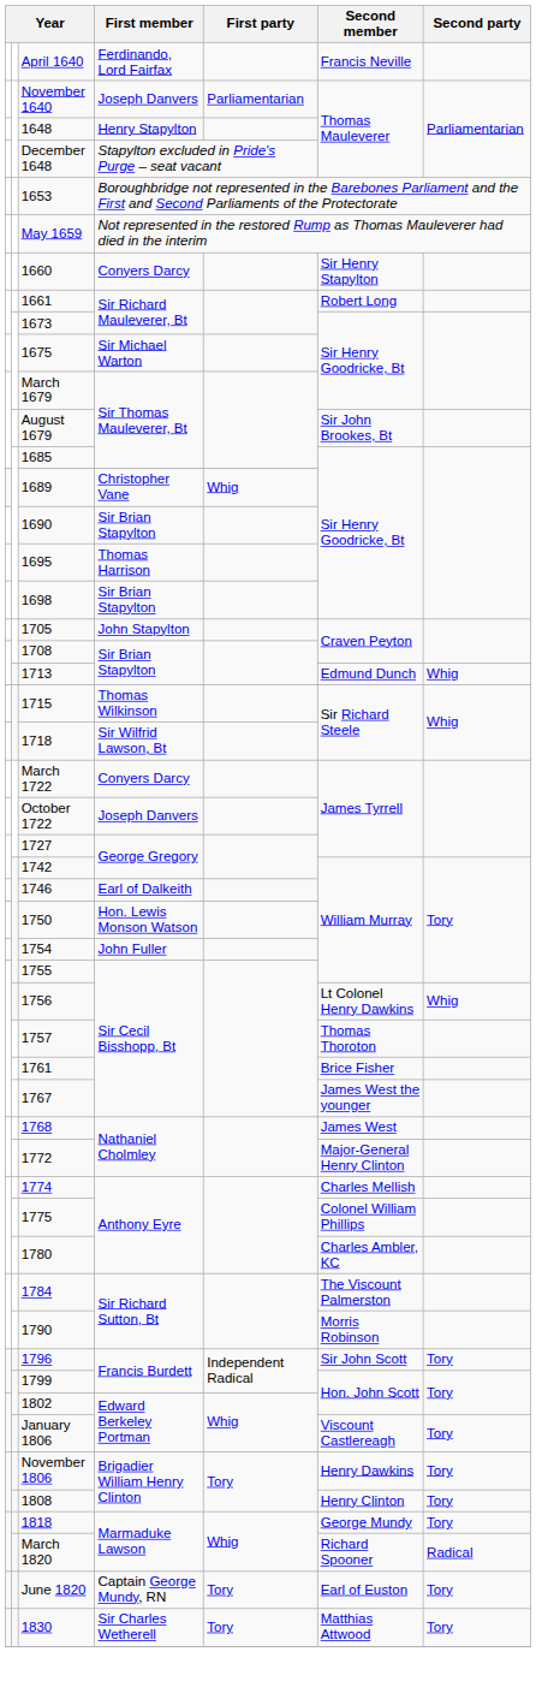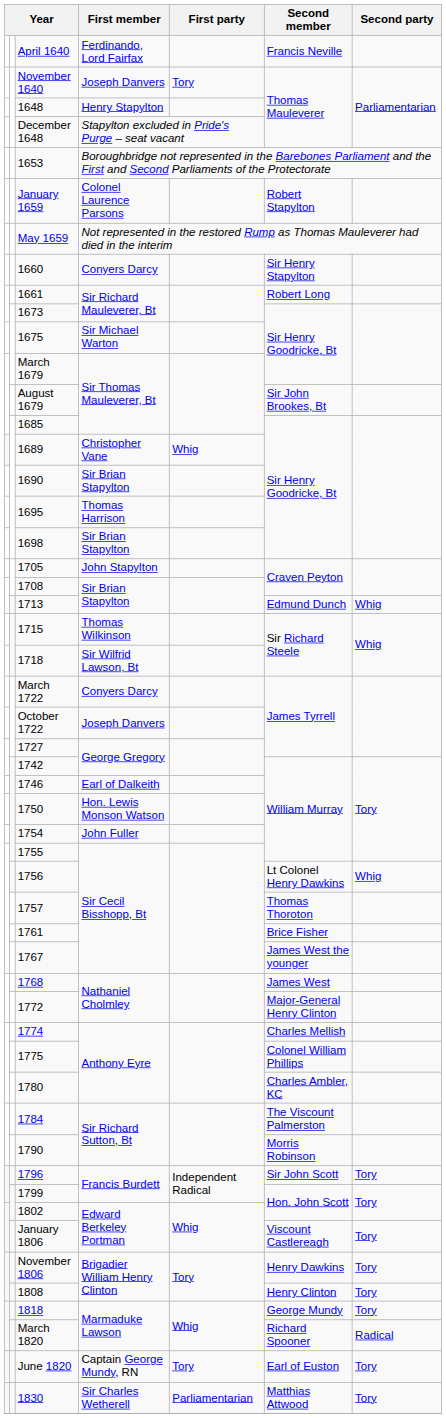 <table class="wikitable">
 <tr>
 <th colspan="3">Year</th>
 <th>First member</th>
 <th>First party</th>
 <th>Second member</th>
 <th>Second party</th>
 </tr>
 <tr>
 <td style="color:inherit;background-color: white"></td>
 <td style="color:inherit;background-color: white"></td>
 <td><a href='#'>April 1640</a></td>
 <td><a href='#'>Ferdinando, Lord Fairfax</a></td>
 <td></td>
 <td><a href='#'>Francis Neville</a></td>
 <td></td>
 </tr>
 <tr>
 <td style="color:inherit;background-color: white"></td>
 <td rowspan="3" style="color:inherit;background-color: white"></td>
 <td><a href='#'>November 1640</a></td>
 <td><a href='#'>Joseph Danvers</a></td>
-<td><a href='#'>Parliamentarian</a></td>
+<td><a href='#'>Tory</a></td>
 <td rowspan="3"><a href='#'>Thomas Mauleverer</a></td>
 <td rowspan="3"><a href='#'>Parliamentarian</a></td>
 </tr>
 <tr>
 <td style="color:inherit;background-color: white"></td>
 <td>1648</td>
 <td><a href='#'>Henry Stapylton</a></td>
 <td></td>
 </tr>
 <tr>
 <td style="color:inherit;background-color: white"></td>
 <td>December 1648</td>
 <td colspan="2"><em>Stapylton excluded in <a href='#'>Pride's Purge</a> – seat vacant</em></td>
 </tr>
 <tr>
 <td style="color:inherit;background-color: white"></td>
 <td style="color:inherit;background-color: white"></td>
 <td>1653</td>
 <td colspan="4"><em>Boroughbridge not represented in the <a href='#'>Barebones Parliament</a> and the <a href='#'>First</a> and <a href='#'>Second</a> Parliaments of the Protectorate</em></td>
+</tr>
+<tr>
+<td style="color:inherit;background-color: white"></td>
+<td style="color:inherit;background-color: white"></td>
+<td><a href='#'>January 1659</a></td>
+<td><a href='#'>Colonel Laurence Parsons</a></td>
+<td></td>
+<td><a href='#'>Robert Stapylton</a></td>
+<td></td>
 </tr>
 <tr>
 <td style="color:inherit;background-color: white"></td>
 <td style="color:inherit;background-color: white"></td>
 <td><a href='#'>May 1659</a></td>
 <td colspan="4"><em>Not represented in the restored <a href='#'>Rump</a> as Thomas Mauleverer had died in the interim</em></td>
 </tr>
 <tr>
 <td style="color:inherit;background-color: white"></td>
 <td style="color:inherit;background-color: white"></td>
 <td>1660</td>
 <td><a href='#'>Conyers Darcy</a></td>
 <td></td>
 <td><a href='#'>Sir Henry Stapylton</a></td>
 <td></td>
 </tr>
 <tr>
 <td rowspan="2" style="color:inherit;background-color: white"></td>
 <td style="color:inherit;background-color: white"></td>
 <td>1661</td>
 <td rowspan="2"><a href='#'>Sir Richard Mauleverer, Bt</a></td>
 <td rowspan="2"></td>
 <td><a href='#'>Robert Long</a></td>
 <td></td>
 </tr>
 <tr>
 <td rowspan="3" style="color:inherit;background-color: white"></td>
 <td>1673</td>
 <td rowspan="3"><a href='#'>Sir Henry Goodricke, Bt</a></td>
 <td rowspan="3"></td>
 </tr>
 <tr>
 <td style="color:inherit;background-color: white"></td>
 <td>1675</td>
 <td><a href='#'>Sir Michael Warton</a></td>
 <td></td>
 </tr>
 <tr>
 <td rowspan="3" style="color:inherit;background-color: white"></td>
 <td>March 1679</td>
 <td rowspan="3"><a href='#'>Sir Thomas Mauleverer, Bt</a></td>
 <td rowspan="3"></td>
 </tr>
 <tr>
 <td style="color:inherit;background-color: white"></td>
 <td>August 1679</td>
 <td><a href='#'>Sir John Brookes, Bt</a></td>
 <td></td>
 </tr>
 <tr>
 <td rowspan="5" style="color:inherit;background-color: white"></td>
 <td>1685</td>
 <td rowspan="5"><a href='#'>Sir Henry Goodricke, Bt</a></td>
 <td rowspan="5"></td>
 </tr>
 <tr>
 <td style="color:inherit;background-color: "></td>
 <td>1689</td>
 <td><a href='#'>Christopher Vane</a></td>
 <td><a href='#'>Whig</a></td>
 </tr>
 <tr>
 <td style="color:inherit;background-color: white"></td>
 <td>1690</td>
 <td><a href='#'>Sir Brian Stapylton</a></td>
 <td></td>
 </tr>
 <tr>
 <td style="color:inherit;background-color: white"></td>
 <td>1695</td>
 <td><a href='#'>Thomas Harrison</a></td>
 <td></td>
 </tr>
 <tr>
 <td style="color:inherit;background-color: white"></td>
 <td>1698</td>
 <td><a href='#'>Sir Brian Stapylton</a></td>
 <td></td>
 </tr>
 <tr>
 <td style="color:inherit;background-color: white"></td>
 <td rowspan="2" style="color:inherit;background-color: white"></td>
 <td>1705</td>
 <td><a href='#'>John Stapylton</a></td>
 <td></td>
 <td rowspan="2"><a href='#'>Craven Peyton</a></td>
 <td rowspan="2"></td>
 </tr>
 <tr>
 <td rowspan="2" style="color:inherit;background-color: white"></td>
 <td>1708</td>
 <td rowspan="2"><a href='#'>Sir Brian Stapylton</a></td>
 <td rowspan="2"></td>
 </tr>
 <tr>
 <td style="color:inherit;background-color: "></td>
 <td>1713</td>
 <td><a href='#'>Edmund Dunch</a></td>
 <td><a href='#'>Whig</a></td>
 </tr>
 <tr>
 <td style="color:inherit;background-color: white"></td>
 <td rowspan="2" style="color:inherit;background-color: "></td>
 <td>1715</td>
 <td><a href='#'>Thomas Wilkinson</a></td>
 <td></td>
 <td rowspan="2">Sir <a href='#'>Richard Steele</a></td>
 <td rowspan="2"><a href='#'>Whig</a></td>
 </tr>
 <tr>
 <td style="color:inherit;background-color: white"></td>
 <td>1718</td>
 <td><a href='#'>Sir Wilfrid Lawson, Bt</a></td>
 <td></td>
 </tr>
 <tr>
 <td style="color:inherit;background-color: white"></td>
 <td rowspan="3" style="color:inherit;background-color: white"></td>
 <td>March 1722</td>
 <td><a href='#'>Conyers Darcy</a></td>
 <td></td>
 <td rowspan="3"><a href='#'>James Tyrrell</a></td>
 <td rowspan="3"></td>
 </tr>
 <tr>
 <td style="color:inherit;background-color: white"></td>
 <td>October 1722</td>
 <td><a href='#'>Joseph Danvers</a></td>
 <td></td>
 </tr>
 <tr>
 <td rowspan="2" style="color:inherit;background-color: white"></td>
 <td>1727</td>
 <td rowspan="2"><a href='#'>George Gregory</a></td>
 <td rowspan="2"></td>
 </tr>
 <tr>
 <td rowspan="5" style="color:inherit;background-color: "></td>
 <td>1742</td>
 <td rowspan="5"><a href='#'>William Murray</a></td>
 <td rowspan="5"><a href='#'>Tory</a></td>
 </tr>
 <tr>
 <td style="color:inherit;background-color: white"></td>
 <td>1746</td>
 <td><a href='#'>Earl of Dalkeith</a></td>
 <td></td>
 </tr>
 <tr>
 <td style="color:inherit;background-color: white"></td>
 <td>1750</td>
 <td><a href='#'>Hon. Lewis Monson Watson</a></td>
 <td></td>
 </tr>
 <tr>
 <td style="color:inherit;background-color: white"></td>
 <td>1754</td>
 <td><a href='#'>John Fuller</a></td>
 <td></td>
 </tr>
 <tr>
 <td rowspan="5" style="color:inherit;background-color: white"></td>
 <td>1755</td>
 <td rowspan="5"><a href='#'>Sir Cecil Bisshopp, Bt</a></td>
 <td rowspan="5"></td>
 </tr>
 <tr>
 <td style="color:inherit;background-color: "></td>
 <td>1756</td>
 <td>Lt Colonel <a href='#'>Henry Dawkins</a></td>
 <td><a href='#'>Whig</a></td>
 </tr>
 <tr>
 <td style="color:inherit;background-color: white"></td>
 <td>1757</td>
 <td><a href='#'>Thomas Thoroton</a></td>
 <td></td>
 </tr>
 <tr>
 <td style="color:inherit;background-color: white"></td>
 <td>1761</td>
 <td><a href='#'>Brice Fisher</a></td>
 <td></td>
 </tr>
 <tr>
 <td style="color:inherit;background-color: white"></td>
 <td>1767</td>
 <td><a href='#'>James West the younger</a></td>
 <td></td>
 </tr>
 <tr>
 <td rowspan="2" style="color:inherit;background-color: white"></td>
 <td style="color:inherit;background-color: white"></td>
 <td><a href='#'>1768</a></td>
 <td rowspan="2"><a href='#'>Nathaniel Cholmley</a></td>
 <td rowspan="2"></td>
 <td><a href='#'>James West</a></td>
 <td></td>
 </tr>
 <tr>
 <td style="color:inherit;background-color: white"></td>
 <td>1772</td>
 <td><a href='#'>Major-General Henry Clinton</a></td>
 <td></td>
 </tr>
 <tr>
 <td rowspan="3" style="color:inherit;background-color: white"></td>
 <td style="color:inherit;background-color: white"></td>
 <td><a href='#'>1774</a></td>
 <td rowspan="3"><a href='#'>Anthony Eyre</a></td>
 <td rowspan="3"></td>
 <td><a href='#'>Charles Mellish</a></td>
 <td></td>
 </tr>
 <tr>
 <td style="color:inherit;background-color: white"></td>
 <td>1775</td>
 <td><a href='#'>Colonel William Phillips</a></td>
 <td></td>
 </tr>
 <tr>
 <td style="color:inherit;background-color: white"></td>
 <td>1780</td>
 <td><a href='#'>Charles Ambler, KC</a></td>
 <td></td>
 </tr>
 <tr>
 <td rowspan="2" style="color:inherit;background-color: white"></td>
 <td style="color:inherit;background-color: white"></td>
 <td><a href='#'>1784</a></td>
 <td rowspan="2"><a href='#'>Sir Richard Sutton, Bt</a></td>
 <td rowspan="2"></td>
 <td><a href='#'>The Viscount Palmerston</a></td>
 <td></td>
 </tr>
 <tr>
 <td style="color:inherit;background-color: white"></td>
 <td>1790</td>
 <td><a href='#'>Morris Robinson</a></td>
 <td></td>
 </tr>
 <tr>
 <td rowspan="2" style="color:inherit;background-color: "></td>
 <td style="color:inherit;background-color: "></td>
 <td><a href='#'>1796</a></td>
 <td rowspan="2"><a href='#'>Francis Burdett</a></td>
 <td rowspan="2">Independent Radical</td>
 <td><a href='#'>Sir John Scott</a></td>
 <td><a href='#'>Tory</a></td>
 </tr>
 <tr>
 <td rowspan="2" style="color:inherit;background-color: "></td>
 <td>1799</td>
 <td rowspan="2"><a href='#'>Hon. John Scott</a></td>
 <td rowspan="2"><a href='#'>Tory</a></td>
 </tr>
 <tr>
 <td rowspan="2" style="color:inherit;background-color: "></td>
 <td>1802</td>
 <td rowspan="2"><a href='#'>Edward Berkeley Portman</a></td>
 <td rowspan="2"><a href='#'>Whig</a></td>
 </tr>
 <tr>
 <td style="color:inherit;background-color: "></td>
 <td>January 1806</td>
 <td><a href='#'>Viscount Castlereagh</a></td>
 <td><a href='#'>Tory</a></td>
 </tr>
 <tr>
 <td rowspan="2" style="color:inherit;background-color: "></td>
 <td style="color:inherit;background-color: "></td>
 <td>November <a href='#'>1806</a></td>
 <td rowspan="2"><a href='#'>Brigadier William Henry Clinton</a></td>
 <td rowspan="2"><a href='#'>Tory</a></td>
 <td><a href='#'>Henry Dawkins</a></td>
 <td><a href='#'>Tory</a></td>
 </tr>
 <tr>
 <td style="color:inherit;background-color: "></td>
 <td>1808</td>
 <td><a href='#'>Henry Clinton</a></td>
 <td><a href='#'>Tory</a></td>
 </tr>
 <tr>
 <td rowspan="2" style="color:inherit;background-color: "></td>
 <td style="color:inherit;background-color: "></td>
 <td><a href='#'>1818</a></td>
 <td rowspan="2"><a href='#'>Marmaduke Lawson</a></td>
 <td rowspan="2"><a href='#'>Whig</a></td>
 <td><a href='#'>George Mundy</a></td>
 <td><a href='#'>Tory</a></td>
 </tr>
 <tr>
 <td style="color:inherit;background-color: "></td>
 <td>March 1820</td>
 <td><a href='#'>Richard Spooner</a></td>
 <td><a href='#'>Radical</a></td>
 </tr>
 <tr>
 <td style="color:inherit;background-color: "></td>
 <td style="color:inherit;background-color: "></td>
 <td>June <a href='#'>1820</a></td>
 <td>Captain <a href='#'>George Mundy</a>, RN</td>
 <td><a href='#'>Tory</a></td>
 <td><a href='#'>Earl of Euston</a></td>
 <td><a href='#'>Tory</a></td>
 </tr>
 <tr>
 <td style="color:inherit;background-color: "></td>
 <td style="color:inherit;background-color: "></td>
 <td><a href='#'>1830</a></td>
 <td><a href='#'>Sir Charles Wetherell</a></td>
-<td><a href='#'>Tory</a></td>
+<td><a href='#'>Parliamentarian</a></td>
 <td><a href='#'>Matthias Attwood</a></td>
 <td><a href='#'>Tory</a></td>
 </tr>
 <tr>
 </tr>
 </table>
